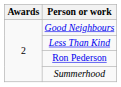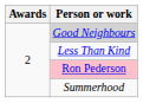 <table class="wikitable sortable" style="text-align:center">
 <tr>
 <th scope="col" style="width:55px;">Awards</th>
 <th scope="col" style="text-align:center;">Person or work</th>
 </tr>
 <tr>
 <td rowspan=4 style="text-align:center">2</td>
-<td><em><a href='#'>Good Neighbours</a></em></td>
+<td style="background: lightgrey;"><em><a href='#'>Good Neighbours</a></em></td>
 </tr>
 <tr>
 <td><em><a href='#'>Less Than Kind</a></em></td>
 </tr>
 <tr>
-<td><a href='#'>Ron Pederson</a></td>
+<td style="background: pink;"><a href='#'>Ron Pederson</a></td>
 </tr>
 <tr>
 <td><em>Summerhood</em></td>
 </tr>
 </table>
